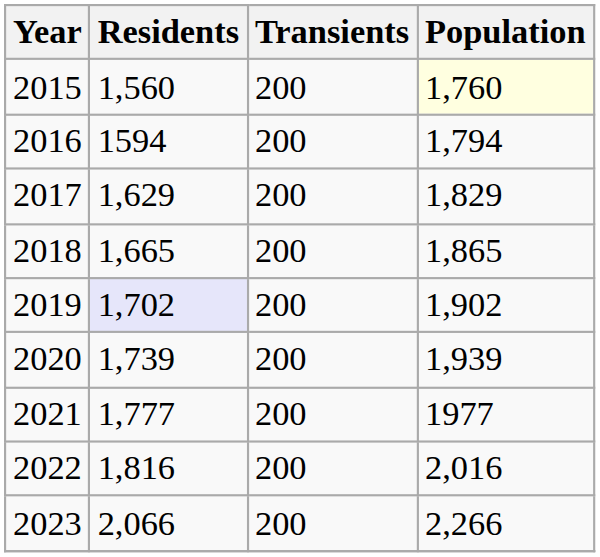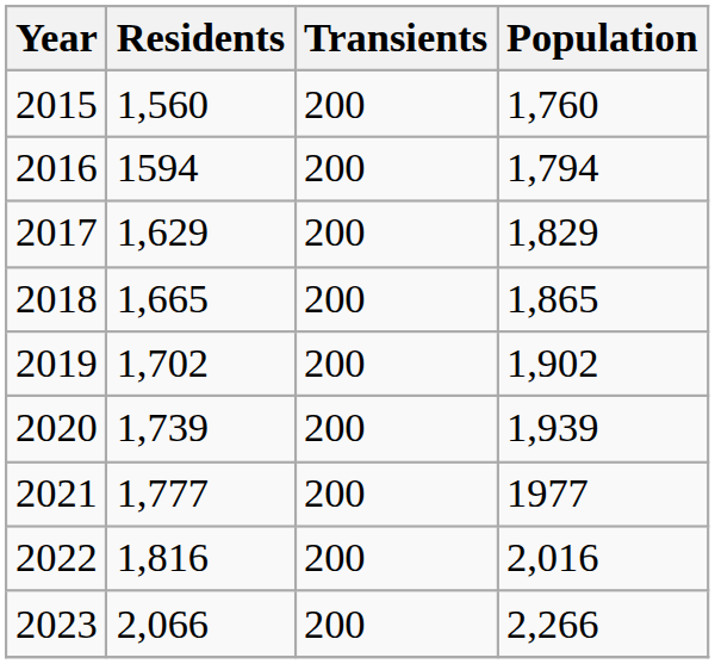 <table class="wikitable">
 <tr>
 <th>Year</th>
 <th>Residents</th>
 <th>Transients</th>
 <th>Population</th>
 </tr>
 <tr>
 <td>2015</td>
 <td>1,560</td>
 <td>200</td>
-<td style="background: lightyellow;">1,760</td>
+<td>1,760</td>
 </tr>
 <tr>
 <td>2016</td>
 <td>1594</td>
 <td>200</td>
 <td>1,794</td>
 </tr>
 <tr>
 <td>2017</td>
 <td>1,629</td>
 <td>200</td>
 <td>1,829</td>
 </tr>
 <tr>
 <td>2018</td>
 <td>1,665</td>
 <td>200</td>
 <td>1,865</td>
 </tr>
 <tr>
 <td>2019</td>
-<td style="background: lavender;">1,702</td>
+<td>1,702</td>
 <td>200</td>
 <td>1,902</td>
 </tr>
 <tr>
 <td>2020</td>
 <td>1,739</td>
 <td>200</td>
 <td>1,939</td>
 </tr>
 <tr>
 <td>2021</td>
 <td>1,777</td>
 <td>200</td>
 <td>1977</td>
 </tr>
 <tr>
 <td>2022</td>
 <td>1,816</td>
 <td>200</td>
 <td>2,016</td>
 </tr>
 <tr>
 <td>2023</td>
 <td>2,066</td>
 <td>200</td>
 <td>2,266</td>
 </tr>
 <tr>
 </tr>
 </table>
